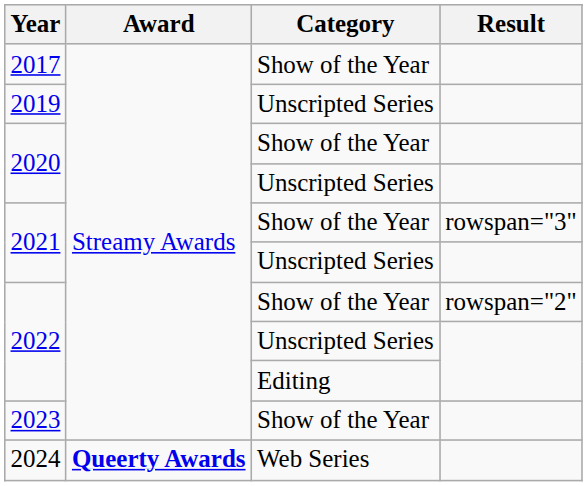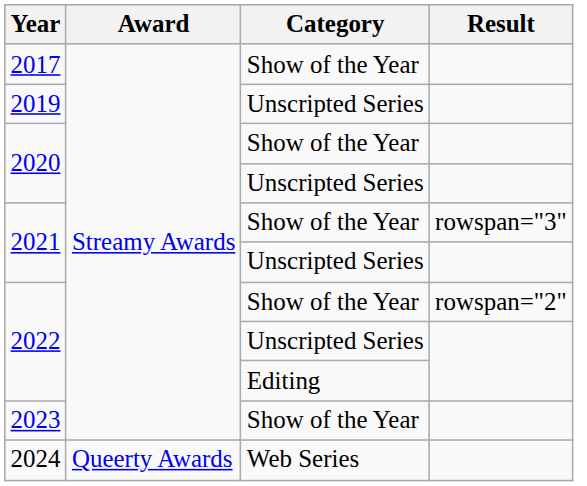 <table class="wikitable">
 <tr>
 <th>Year</th>
 <th>Award</th>
 <th>Category</th>
 <th>Result</th>
 </tr>
 <tr>
 <td><a href='#'>2017</a></td>
 <td rowspan="10"><a href='#'>Streamy Awards</a></td>
 <td>Show of the Year</td>
 <td></td>
 </tr>
 <tr>
 <td><a href='#'>2019</a></td>
 <td>Unscripted Series</td>
 <td></td>
 </tr>
 <tr>
 <td rowspan="2"><a href='#'>2020</a></td>
 <td>Show of the Year</td>
 <td></td>
 </tr>
 <tr>
 <td>Unscripted Series</td>
 <td></td>
 </tr>
 <tr>
 <td rowspan="2"><a href='#'>2021</a></td>
 <td>Show of the Year</td>
 <td>rowspan="3" </td>
 </tr>
 <tr>
 <td>Unscripted Series</td>
 </tr>
 <tr>
 <td rowspan="3"><a href='#'>2022</a></td>
 <td>Show of the Year</td>
 <td>rowspan="2" </td>
 </tr>
 <tr>
 <td>Unscripted Series</td>
 </tr>
 <tr>
 <td>Editing</td>
 </tr>
 <tr>
 <td><a href='#'>2023</a></td>
 <td>Show of the Year</td>
 <td></td>
 </tr>
 <tr>
 <td>2024</td>
-<td><strong><a href='#'>Queerty Awards</a></strong></td>
+<td><a href='#'>Queerty Awards</a></td>
 <td>Web Series</td>
 <td></td>
 </tr>
 </table>
